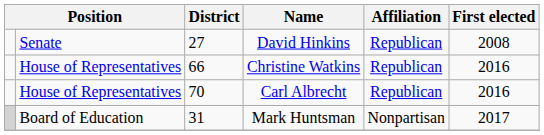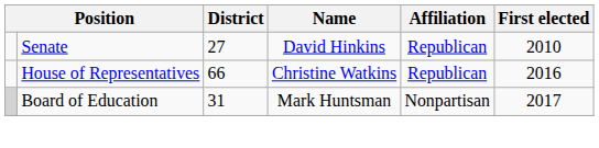 <table class="wikitable">
 <tr>
 <th colspan="2" style="text-align:center; vertical-align:bottom;">Position</th>
 <th>District</th>
 <th style="text-align:center;">Name</th>
 <th valign="bottom">Affiliation</th>
 <th style="vertical-align:bottom; text-align:center;">First elected</th>
 </tr>
 <tr>
 <td style="background-color:"> </td>
 <td><a href='#'>Senate</a></td>
 <td>27</td>
 <td style="text-align:center;"><a href='#'>David Hinkins</a></td>
 <td style="text-align:center;"><a href='#'>Republican</a></td>
-<td style="text-align:center;">2008</td>
+<td style="text-align:center;">2010</td>
 </tr>
 <tr>
 <td style="background-color:"> </td>
 <td><a href='#'>House of Representatives</a></td>
 <td>66</td>
 <td style="text-align:center;"><a href='#'>Christine Watkins</a></td>
-<td style="text-align:center;"><a href='#'>Republican</a></td>
-<td style="text-align:center;">2016</td>
-</tr>
-<tr>
-<td style="background-color:"> </td>
-<td><a href='#'>House of Representatives</a></td>
-<td>70</td>
-<td style="text-align:center;"><a href='#'>Carl Albrecht</a></td>
 <td style="text-align:center;"><a href='#'>Republican</a></td>
 <td style="text-align:center;">2016</td>
 </tr>
 <tr>
 <td style="background-color:lightgrey"> </td>
 <td>Board of Education</td>
 <td>31</td>
 <td style="text-align:center;">Mark Huntsman</td>
 <td style="text-align:center;">Nonpartisan</td>
 <td style="text-align:center;">2017</td>
 </tr>
 <tr>
 </tr>
 </table>
